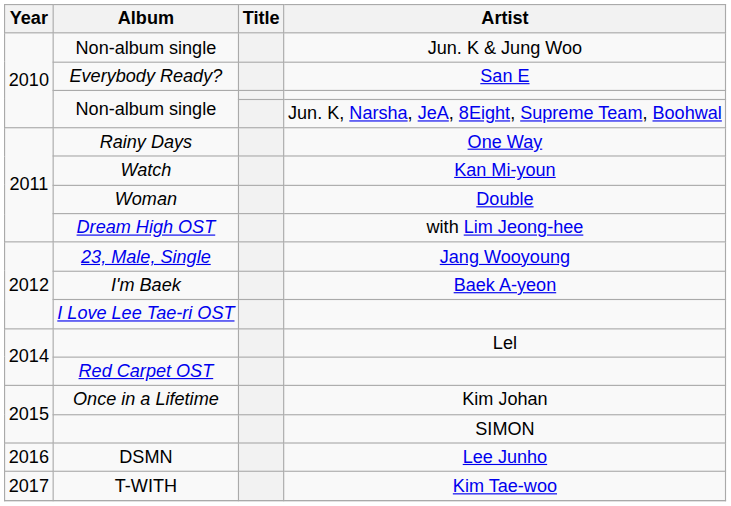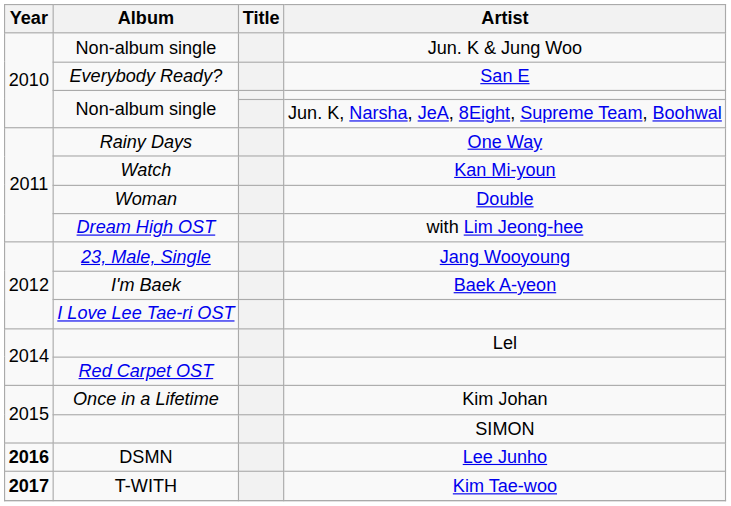 <table class="wikitable plainrowheaders" style="text-align:center;">
 <tr>
 <th>Year</th>
 <th>Album</th>
 <th>Title</th>
 <th>Artist</th>
 </tr>
 <tr>
 <td rowspan="4">2010</td>
 <td>Non-album single</td>
 <th scope="row"></th>
 <td>Jun. K & Jung Woo</td>
 </tr>
 <tr>
 <td><em>Everybody Ready?</em></td>
 <th scope="row"></th>
 <td><a href='#'>San E</a></td>
 </tr>
 <tr>
 <td rowspan="2">Non-album single</td>
 <th scope="row"></th>
 <td></td>
 </tr>
 <tr>
 <th scope="row"></th>
 <td>Jun. K, <a href='#'>Narsha</a>, <a href='#'>JeA</a>, <a href='#'>8Eight</a>, <a href='#'>Supreme Team</a>, <a href='#'>Boohwal</a></td>
 </tr>
 <tr>
 <td rowspan="4">2011</td>
 <td><em>Rainy Days</em></td>
 <th scope="row"></th>
 <td><a href='#'>One Way</a></td>
 </tr>
 <tr>
 <td><em>Watch</em></td>
 <th scope="row"></th>
 <td><a href='#'>Kan Mi-youn</a></td>
 </tr>
 <tr>
 <td><em>Woman</em></td>
 <th scope="row"></th>
 <td><a href='#'>Double</a></td>
 </tr>
 <tr>
 <td><em><a href='#'>Dream High OST</a></em></td>
 <th scope="row"></th>
 <td>with <a href='#'>Lim Jeong-hee</a></td>
 </tr>
 <tr>
 <td rowspan="3">2012</td>
 <td><em><a href='#'>23, Male, Single</a></em></td>
 <th scope="row"></th>
 <td><a href='#'>Jang Wooyoung</a></td>
 </tr>
 <tr>
 <td><em>I'm Baek</em></td>
 <th scope="row"></th>
 <td><a href='#'>Baek A-yeon</a></td>
 </tr>
 <tr>
 <td><em><a href='#'>I Love Lee Tae-ri OST</a></em></td>
 <th scope="row"></th>
 <td></td>
 </tr>
 <tr>
 <td rowspan=2>2014</td>
 <td></td>
 <th scope="row"></th>
 <td>Lel</td>
 </tr>
 <tr>
 <td><em><a href='#'>Red Carpet OST</a></em></td>
 <th scope="row"></th>
 <td></td>
 </tr>
 <tr>
 <td rowspan="2">2015</td>
 <td><em>Once in a Lifetime</em></td>
 <th scope="row"></th>
 <td>Kim Johan</td>
 </tr>
 <tr>
 <td></td>
 <th scope="row"></th>
 <td>SIMON</td>
 </tr>
 <tr>
-<td>2016</td>
+<td><strong>2016</strong></td>
 <td>DSMN</td>
 <th scope="row"></th>
 <td><a href='#'>Lee Junho</a></td>
 </tr>
 <tr>
-<td>2017</td>
+<td><strong>2017</strong></td>
 <td>T-WITH</td>
 <th scope="row"></th>
 <td><a href='#'>Kim Tae-woo</a></td>
 </tr>
 <tr>
 </tr>
 </table>
